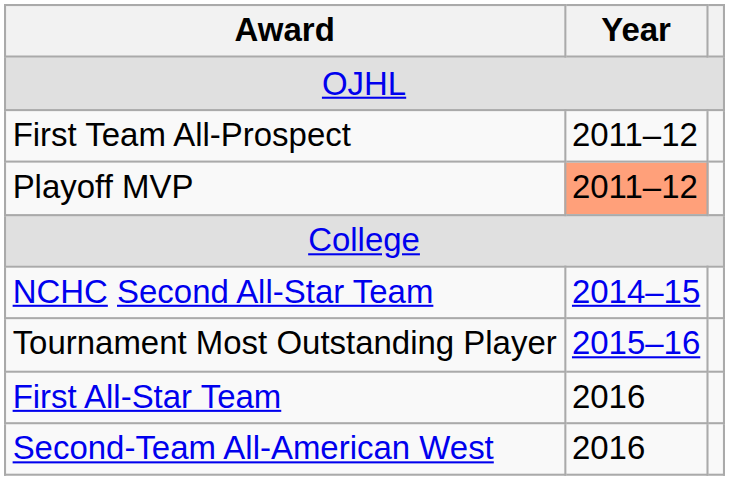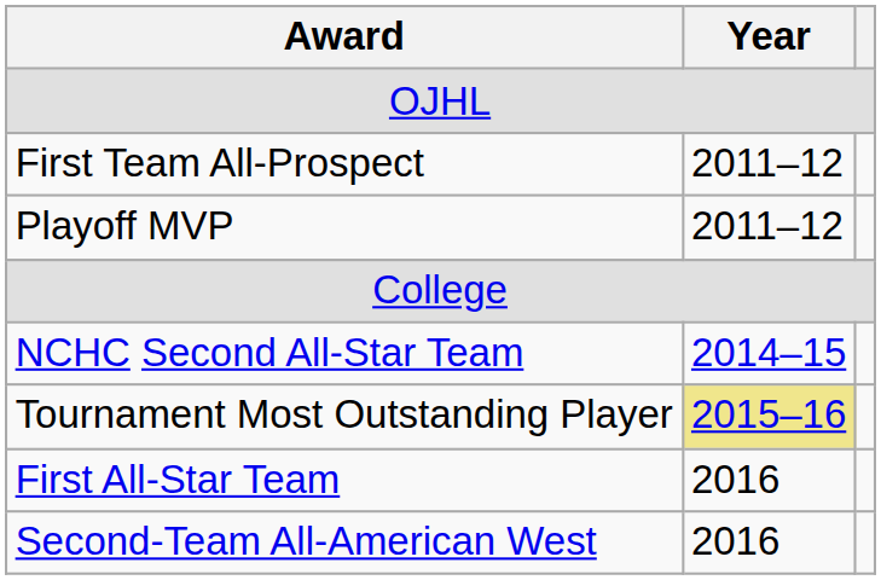 <table class="wikitable">
 <tr>
 <th>Award</th>
 <th>Year</th>
 <th></th>
 </tr>
 <tr ALIGN="center" bgcolor="#e0e0e0">
 <td colspan="3"><a href='#'>OJHL</a></td>
 </tr>
 <tr>
 <td>First Team All-Prospect</td>
 <td>2011–12</td>
 <td></td>
 </tr>
 <tr>
 <td>Playoff MVP</td>
-<td style="background: lightsalmon;">2011–12</td>
+<td>2011–12</td>
 <td></td>
 </tr>
 <tr ALIGN="center" bgcolor="#e0e0e0">
 <td colspan="3"><a href='#'>College</a></td>
 </tr>
 <tr>
 <td><a href='#'>NCHC</a> <a href='#'>Second All-Star Team</a></td>
 <td><a href='#'>2014–15</a></td>
 <td></td>
 </tr>
 <tr>
 <td>Tournament Most Outstanding Player</td>
-<td><a href='#'>2015–16</a></td>
+<td style="background: khaki;"><a href='#'>2015–16</a></td>
 <td></td>
 </tr>
 <tr>
 <td><a href='#'>First All-Star Team</a></td>
 <td>2016</td>
 <td></td>
 </tr>
 <tr>
 <td><a href='#'>Second-Team All-American West</a></td>
 <td>2016</td>
 <td></td>
 </tr>
 </table>
